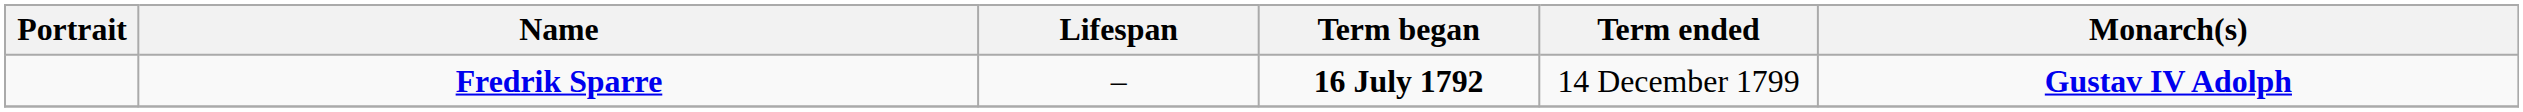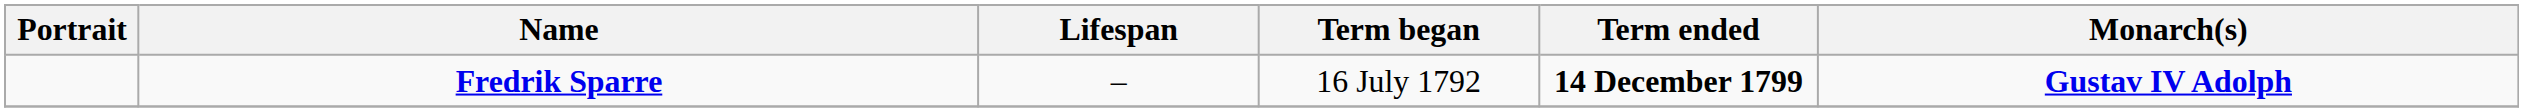 <table width=100% class="wikitable">
 <tr>
 <th width=1%>Portrait</th>
 <th width=24%>Name</th>
 <th width=8%>Lifespan</th>
 <th width=8%>Term began</th>
 <th width=8%>Term ended</th>
 <th width=20%>Monarch(s)</th>
 </tr>
 <tr>
 <td align="center"></td>
 <td align="center"><strong><a href='#'>Fredrik Sparre</a></strong><br></td>
 <td align="center"> –<br></td>
-<td align="center"><strong>16 July 1792</strong></td>
-<td align="center">14 December 1799</td>
+<td align="center">16 July 1792</td>
+<td align="center"><strong>14 December 1799</strong></td>
 <td align="center"><strong><a href='#'>Gustav IV Adolph</a></strong></td>
 </tr>
 <tr>
 </tr>
 </table>
